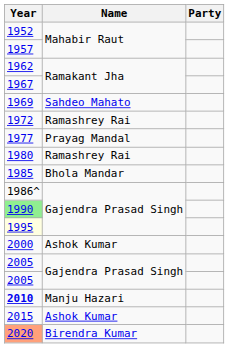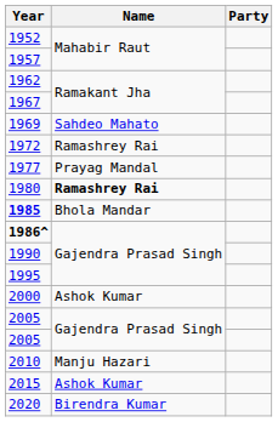 <table class="wikitable sortable">
 <tr>
 <th>Year</th>
 <th>Name</th>
 <th colspan="2">Party</th>
 </tr>
 <tr>
 <td><a href='#'>1952</a></td>
 <td rowspan="2">Mahabir Raut</td>
 <td></td>
 </tr>
 <tr>
 <td><a href='#'>1957</a></td>
 </tr>
 <tr>
 <td><a href='#'>1962</a></td>
 <td rowspan="2">Ramakant Jha</td>
 <td></td>
 </tr>
 <tr>
 <td><a href='#'>1967</a></td>
 <td></td>
 </tr>
 <tr>
 <td><a href='#'>1969</a></td>
 <td><a href='#'>Sahdeo Mahato</a></td>
 <td></td>
 </tr>
 <tr>
 <td><a href='#'>1972</a></td>
 <td>Ramashrey Rai</td>
 <td></td>
 </tr>
 <tr>
 <td><a href='#'>1977</a></td>
 <td>Prayag Mandal</td>
 <td></td>
 </tr>
 <tr>
 <td><a href='#'>1980</a></td>
-<td>Ramashrey Rai</td>
+<td><strong>Ramashrey Rai</strong></td>
 <td></td>
 </tr>
 <tr>
-<td><a href='#'>1985</a></td>
+<td><strong><a href='#'>1985</a></strong></td>
 <td>Bhola Mandar</td>
 <td></td>
 </tr>
 <tr>
-<td>1986^</td>
+<td><strong>1986^</strong></td>
 <td rowspan="3">Gajendra Prasad Singh</td>
 </tr>
 <tr>
-<td style="background: lightgreen;"><a href='#'>1990</a></td>
+<td><a href='#'>1990</a></td>
 <td></td>
 </tr>
 <tr>
-<td style="background: lightyellow;"><a href='#'>1995</a></td>
+<td><a href='#'>1995</a></td>
 </tr>
 <tr>
 <td><a href='#'>2000</a></td>
 <td>Ashok Kumar</td>
 <td></td>
 </tr>
 <tr>
 <td><a href='#'>2005</a></td>
 <td rowspan="2">Gajendra Prasad Singh</td>
 <td></td>
 </tr>
 <tr>
 <td><a href='#'>2005</a></td>
 </tr>
 <tr>
-<td><strong><a href='#'>2010</a></strong></td>
+<td><a href='#'>2010</a></td>
 <td>Manju Hazari</td>
 <td></td>
 </tr>
 <tr>
 <td><a href='#'>2015</a></td>
 <td><a href='#'>Ashok Kumar</a></td>
 <td></td>
 </tr>
 <tr>
-<td style="background: lightsalmon;"><a href='#'>2020</a></td>
+<td><a href='#'>2020</a></td>
 <td><a href='#'>Birendra Kumar</a></td>
 <td></td>
 </tr>
 </table>
